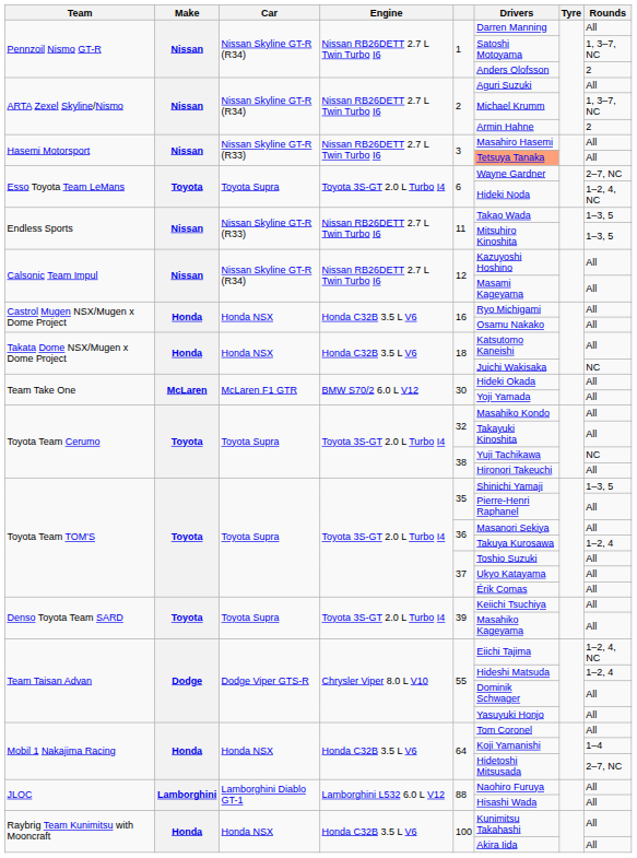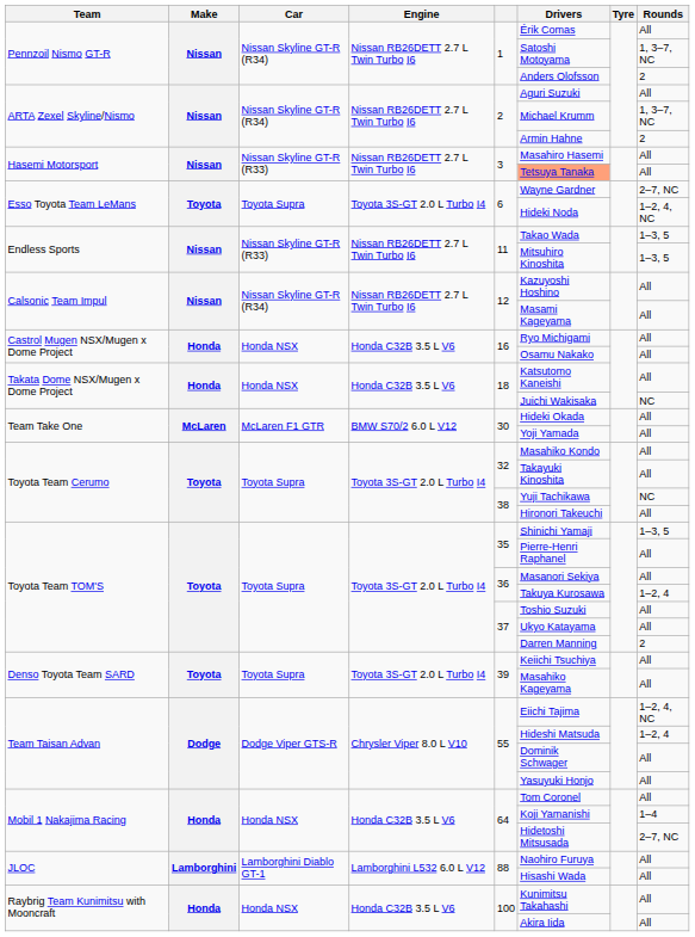 <table class="wikitable" style="font-size: 85%;">
 <tr>
 <th>Team</th>
 <th>Make</th>
 <th>Car</th>
 <th>Engine</th>
 <th></th>
 <th>Drivers</th>
 <th>Tyre</th>
 <th>Rounds</th>
 </tr>
 <tr>
 <td rowspan="3"><a href='#'>Pennzoil</a> <a href='#'>Nismo</a> <a href='#'>GT-R</a></td>
 <th rowspan="3"><a href='#'>Nissan</a></th>
 <td rowspan="3"><a href='#'>Nissan Skyline GT-R</a> (R34)</td>
 <td rowspan="3"><a href='#'>Nissan RB26DETT</a> 2.7 L <a href='#'>Twin Turbo</a> <a href='#'>I6</a></td>
 <td rowspan=3>1</td>
-<td> <a href='#'>Darren Manning</a></td>
+<td> <a href='#'>Érik Comas</a></td>
 <td rowspan=6 align="center"></td>
 <td>All</td>
 </tr>
 <tr>
 <td> <a href='#'>Satoshi Motoyama</a></td>
 <td>1, 3–7, NC</td>
 </tr>
 <tr>
 <td> <a href='#'>Anders Olofsson</a></td>
 <td>2</td>
 </tr>
 <tr>
 <td rowspan="3"><a href='#'>ARTA</a> <a href='#'>Zexel</a> <a href='#'>Skyline</a>/<a href='#'>Nismo</a></td>
 <th rowspan="3"><a href='#'>Nissan</a></th>
 <td rowspan="3"><a href='#'>Nissan Skyline GT-R</a> (R34)</td>
 <td rowspan="3"><a href='#'>Nissan RB26DETT</a> 2.7 L <a href='#'>Twin Turbo</a> <a href='#'>I6</a></td>
 <td rowspan="3">2</td>
 <td> <a href='#'>Aguri Suzuki</a></td>
 <td>All</td>
 </tr>
 <tr>
 <td> <a href='#'>Michael Krumm</a></td>
 <td>1, 3–7, NC</td>
 </tr>
 <tr>
 <td> <a href='#'>Armin Hahne</a></td>
 <td>2</td>
 </tr>
 <tr>
 <td rowspan=2><a href='#'>Hasemi Motorsport</a></td>
 <th rowspan=2><a href='#'>Nissan</a></th>
 <td rowspan=2><a href='#'>Nissan Skyline GT-R</a> (R33)</td>
 <td rowspan=2><a href='#'>Nissan RB26DETT</a> 2.7 L <a href='#'>Twin Turbo</a> <a href='#'>I6</a></td>
 <td rowspan=2>3</td>
 <td> <a href='#'>Masahiro Hasemi</a></td>
 <td rowspan=2 align="center"></td>
 <td>All</td>
 </tr>
 <tr>
 <td style="background: lightsalmon;"> <a href='#'>Tetsuya Tanaka</a></td>
 <td>All</td>
 </tr>
 <tr>
 <td rowspan=2><a href='#'>Esso</a> Toyota <a href='#'>Team LeMans</a></td>
 <th rowspan=2><a href='#'>Toyota</a></th>
 <td rowspan=2><a href='#'>Toyota Supra</a></td>
 <td rowspan=2><a href='#'>Toyota 3S-GT</a> 2.0 L <a href='#'>Turbo</a> <a href='#'>I4</a></td>
 <td rowspan=2>6</td>
 <td> <a href='#'>Wayne Gardner</a></td>
 <td rowspan=2 align="center"></td>
 <td>2–7, NC</td>
 </tr>
 <tr>
 <td> <a href='#'>Hideki Noda</a></td>
 <td>1–2, 4, NC</td>
 </tr>
 <tr>
 <td rowspan=2>Endless Sports</td>
 <th rowspan=2><a href='#'>Nissan</a></th>
 <td rowspan=2><a href='#'>Nissan Skyline GT-R</a> (R33)</td>
 <td rowspan=2><a href='#'>Nissan RB26DETT</a> 2.7 L <a href='#'>Twin Turbo</a> <a href='#'>I6</a></td>
 <td rowspan=2>11</td>
 <td> <a href='#'>Takao Wada</a></td>
 <td rowspan=2 align="center"></td>
 <td>1–3, 5</td>
 </tr>
 <tr>
 <td> <a href='#'>Mitsuhiro Kinoshita</a></td>
 <td>1–3, 5</td>
 </tr>
 <tr>
 <td rowspan=2><a href='#'>Calsonic</a> <a href='#'>Team Impul</a></td>
 <th rowspan=2><a href='#'>Nissan</a></th>
 <td rowspan=2><a href='#'>Nissan Skyline GT-R</a> (R34)</td>
 <td rowspan=2><a href='#'>Nissan RB26DETT</a> 2.7 L <a href='#'>Twin Turbo</a> <a href='#'>I6</a></td>
 <td rowspan=2>12</td>
 <td> <a href='#'>Kazuyoshi Hoshino</a></td>
 <td rowspan=2 align="center"></td>
 <td>All</td>
 </tr>
 <tr>
 <td> <a href='#'>Masami Kageyama</a></td>
 <td>All</td>
 </tr>
 <tr>
 <td rowspan="2"><a href='#'>Castrol</a> <a href='#'>Mugen</a> NSX/Mugen x Dome Project</td>
 <th rowspan="2"><a href='#'>Honda</a></th>
 <td rowspan="2"><a href='#'>Honda NSX</a></td>
 <td rowspan="2"><a href='#'>Honda C32B</a> 3.5 L <a href='#'>V6</a></td>
 <td rowspan=2>16</td>
 <td> <a href='#'>Ryo Michigami</a></td>
 <td rowspan=4 align="center"></td>
 <td>All</td>
 </tr>
 <tr>
 <td> <a href='#'>Osamu Nakako</a></td>
 <td>All</td>
 </tr>
 <tr>
 <td rowspan="2"><a href='#'>Takata</a> <a href='#'>Dome</a> NSX/Mugen x Dome Project</td>
 <th rowspan="2"><a href='#'>Honda</a></th>
 <td rowspan="2"><a href='#'>Honda NSX</a></td>
 <td rowspan="2"><a href='#'>Honda C32B</a> 3.5 L <a href='#'>V6</a></td>
 <td rowspan="2">18</td>
 <td> <a href='#'>Katsutomo Kaneishi</a></td>
 <td>All</td>
 </tr>
 <tr>
 <td> <a href='#'>Juichi Wakisaka</a></td>
 <td>NC</td>
 </tr>
 <tr>
 <td rowspan=2>Team Take One</td>
 <th rowspan=2><a href='#'>McLaren</a></th>
 <td rowspan=2><a href='#'>McLaren F1 GTR</a></td>
 <td rowspan=2><a href='#'>BMW S70/2</a> 6.0 L <a href='#'>V12</a></td>
 <td rowspan=2>30</td>
 <td> <a href='#'>Hideki Okada</a></td>
 <td rowspan=2 align="center"></td>
 <td>All</td>
 </tr>
 <tr>
 <td> <a href='#'>Yoji Yamada</a></td>
 <td>All</td>
 </tr>
 <tr>
 <td rowspan=4>Toyota Team <a href='#'>Cerumo</a></td>
 <th rowspan=4><a href='#'>Toyota</a></th>
 <td rowspan=4><a href='#'>Toyota Supra</a></td>
 <td rowspan=4><a href='#'>Toyota 3S-GT</a> 2.0 L <a href='#'>Turbo</a> <a href='#'>I4</a></td>
 <td rowspan=2>32</td>
 <td> <a href='#'>Masahiko Kondo</a></td>
 <td rowspan=4 align="center"></td>
 <td>All</td>
 </tr>
 <tr>
 <td> <a href='#'>Takayuki Kinoshita</a></td>
 <td>All</td>
 </tr>
 <tr>
 <td rowspan=2>38</td>
 <td> <a href='#'>Yuji Tachikawa</a></td>
 <td>NC</td>
 </tr>
 <tr>
 <td> <a href='#'>Hironori Takeuchi</a></td>
 <td>All</td>
 </tr>
 <tr>
 <td rowspan=7>Toyota Team <a href='#'>TOM'S</a></td>
 <th rowspan=7><a href='#'>Toyota</a></th>
 <td rowspan=7><a href='#'>Toyota Supra</a></td>
 <td rowspan=7><a href='#'>Toyota 3S-GT</a> 2.0 L <a href='#'>Turbo</a> <a href='#'>I4</a></td>
 <td rowspan=2>35</td>
 <td> <a href='#'>Shinichi Yamaji</a></td>
 <td rowspan=7 align="center"></td>
 <td>1–3, 5</td>
 </tr>
 <tr>
 <td> <a href='#'>Pierre-Henri Raphanel</a></td>
 <td>All</td>
 </tr>
 <tr>
 <td rowspan=2>36</td>
 <td> <a href='#'>Masanori Sekiya</a></td>
 <td>All</td>
 </tr>
 <tr>
 <td> <a href='#'>Takuya Kurosawa</a></td>
 <td>1–2, 4</td>
 </tr>
 <tr>
 <td rowspan=3>37</td>
 <td> <a href='#'>Toshio Suzuki</a></td>
 <td>All</td>
 </tr>
 <tr>
 <td> <a href='#'>Ukyo Katayama</a></td>
 <td>All</td>
 </tr>
 <tr>
-<td> <a href='#'>Érik Comas</a></td>
-<td>All</td>
+<td> <a href='#'>Darren Manning</a></td>
+<td>2</td>
 </tr>
 <tr>
 <td rowspan=2><a href='#'>Denso</a> Toyota Team <a href='#'>SARD</a></td>
 <th rowspan=2><a href='#'>Toyota</a></th>
 <td rowspan=2><a href='#'>Toyota Supra</a></td>
 <td rowspan=2><a href='#'>Toyota 3S-GT</a> 2.0 L <a href='#'>Turbo</a> <a href='#'>I4</a></td>
 <td rowspan=2>39</td>
 <td> <a href='#'>Keiichi Tsuchiya</a></td>
 <td rowspan=2 align="center"></td>
 <td>All</td>
 </tr>
 <tr>
 <td> <a href='#'>Masahiko Kageyama</a></td>
 <td>All</td>
 </tr>
 <tr>
 <td rowspan=4><a href='#'>Team Taisan Advan</a></td>
 <th rowspan=4><a href='#'>Dodge</a></th>
 <td rowspan=4><a href='#'>Dodge Viper GTS-R</a></td>
 <td rowspan=4><a href='#'>Chrysler Viper</a> 8.0 L <a href='#'>V10</a></td>
 <td rowspan=4>55</td>
 <td> <a href='#'>Eiichi Tajima</a></td>
 <td rowspan=4 align="center"></td>
 <td>1–2, 4, NC</td>
 </tr>
 <tr>
 <td> <a href='#'>Hideshi Matsuda</a></td>
 <td>1–2, 4</td>
 </tr>
 <tr>
 <td> <a href='#'>Dominik Schwager</a></td>
 <td>All</td>
 </tr>
 <tr>
 <td> <a href='#'>Yasuyuki Honjo</a></td>
 <td>All</td>
 </tr>
 <tr>
 <td rowspan=3><a href='#'>Mobil 1</a> <a href='#'>Nakajima Racing</a></td>
 <th rowspan=3><a href='#'>Honda</a></th>
 <td rowspan=3><a href='#'>Honda NSX</a></td>
 <td rowspan=3><a href='#'>Honda C32B</a> 3.5 L <a href='#'>V6</a></td>
 <td rowspan=3>64</td>
 <td> <a href='#'>Tom Coronel</a></td>
 <td rowspan=3 align="center"></td>
 <td>All</td>
 </tr>
 <tr>
 <td> <a href='#'>Koji Yamanishi</a></td>
 <td>1–4</td>
 </tr>
 <tr>
 <td> <a href='#'>Hidetoshi Mitsusada</a></td>
 <td>2–7, NC</td>
 </tr>
 <tr>
 <td rowspan=2><a href='#'>JLOC</a></td>
 <th rowspan=2><a href='#'>Lamborghini</a></th>
 <td rowspan=2><a href='#'>Lamborghini Diablo GT-1</a></td>
 <td rowspan=2><a href='#'>Lamborghini L532</a> 6.0 L <a href='#'>V12</a></td>
 <td rowspan=2>88</td>
 <td> <a href='#'>Naohiro Furuya</a></td>
 <td rowspan=2 align="center"></td>
 <td>All</td>
 </tr>
 <tr>
 <td> <a href='#'>Hisashi Wada</a></td>
 <td>All</td>
 </tr>
 <tr>
 <td rowspan=2>Raybrig <a href='#'>Team Kunimitsu</a> with Mooncraft</td>
 <th rowspan=2><a href='#'>Honda</a></th>
 <td rowspan=2><a href='#'>Honda NSX</a></td>
 <td rowspan=2><a href='#'>Honda C32B</a> 3.5 L <a href='#'>V6</a></td>
 <td rowspan=2>100</td>
 <td> <a href='#'>Kunimitsu Takahashi</a></td>
 <td rowspan=2 align="center"></td>
 <td>All</td>
 </tr>
 <tr>
 <td> <a href='#'>Akira Iida</a></td>
 <td>All</td>
 </tr>
 </table>
